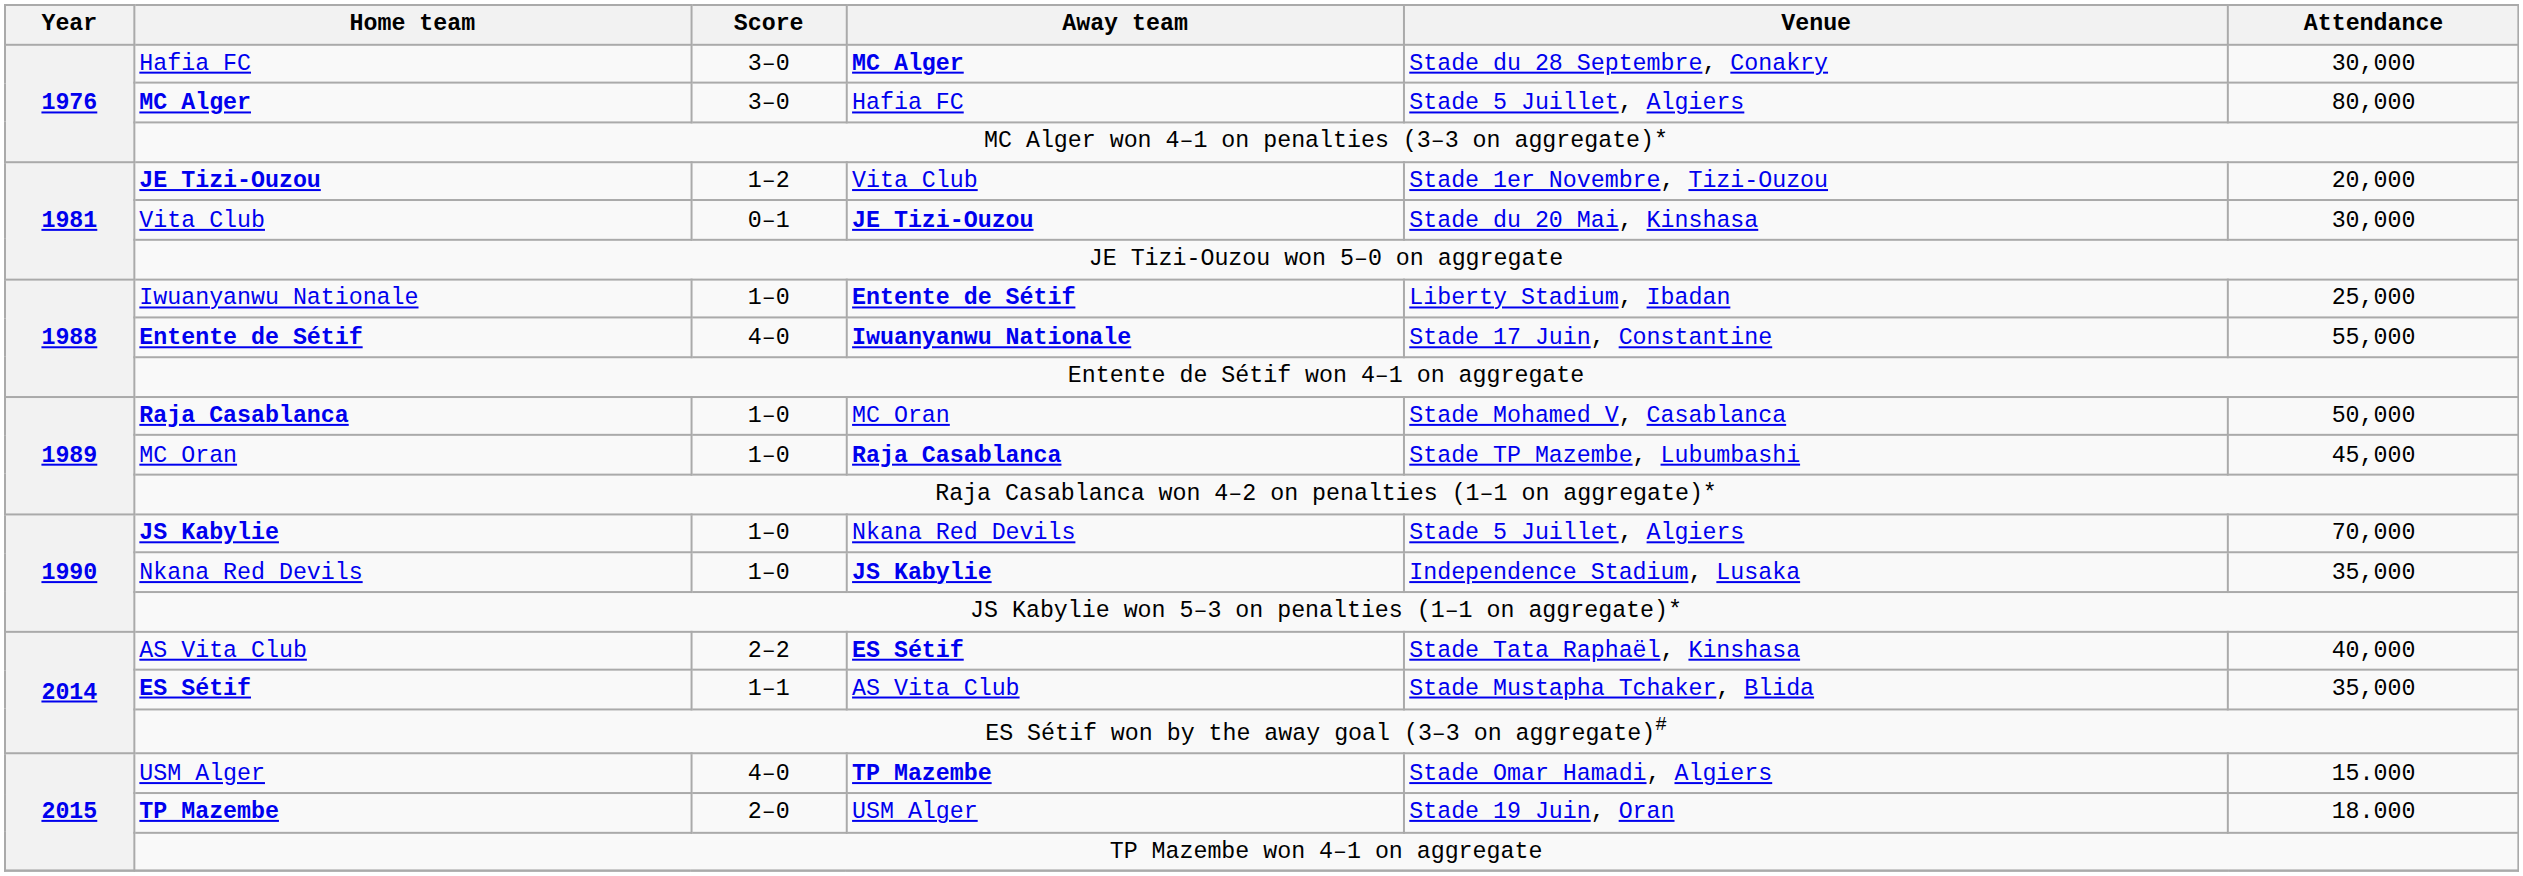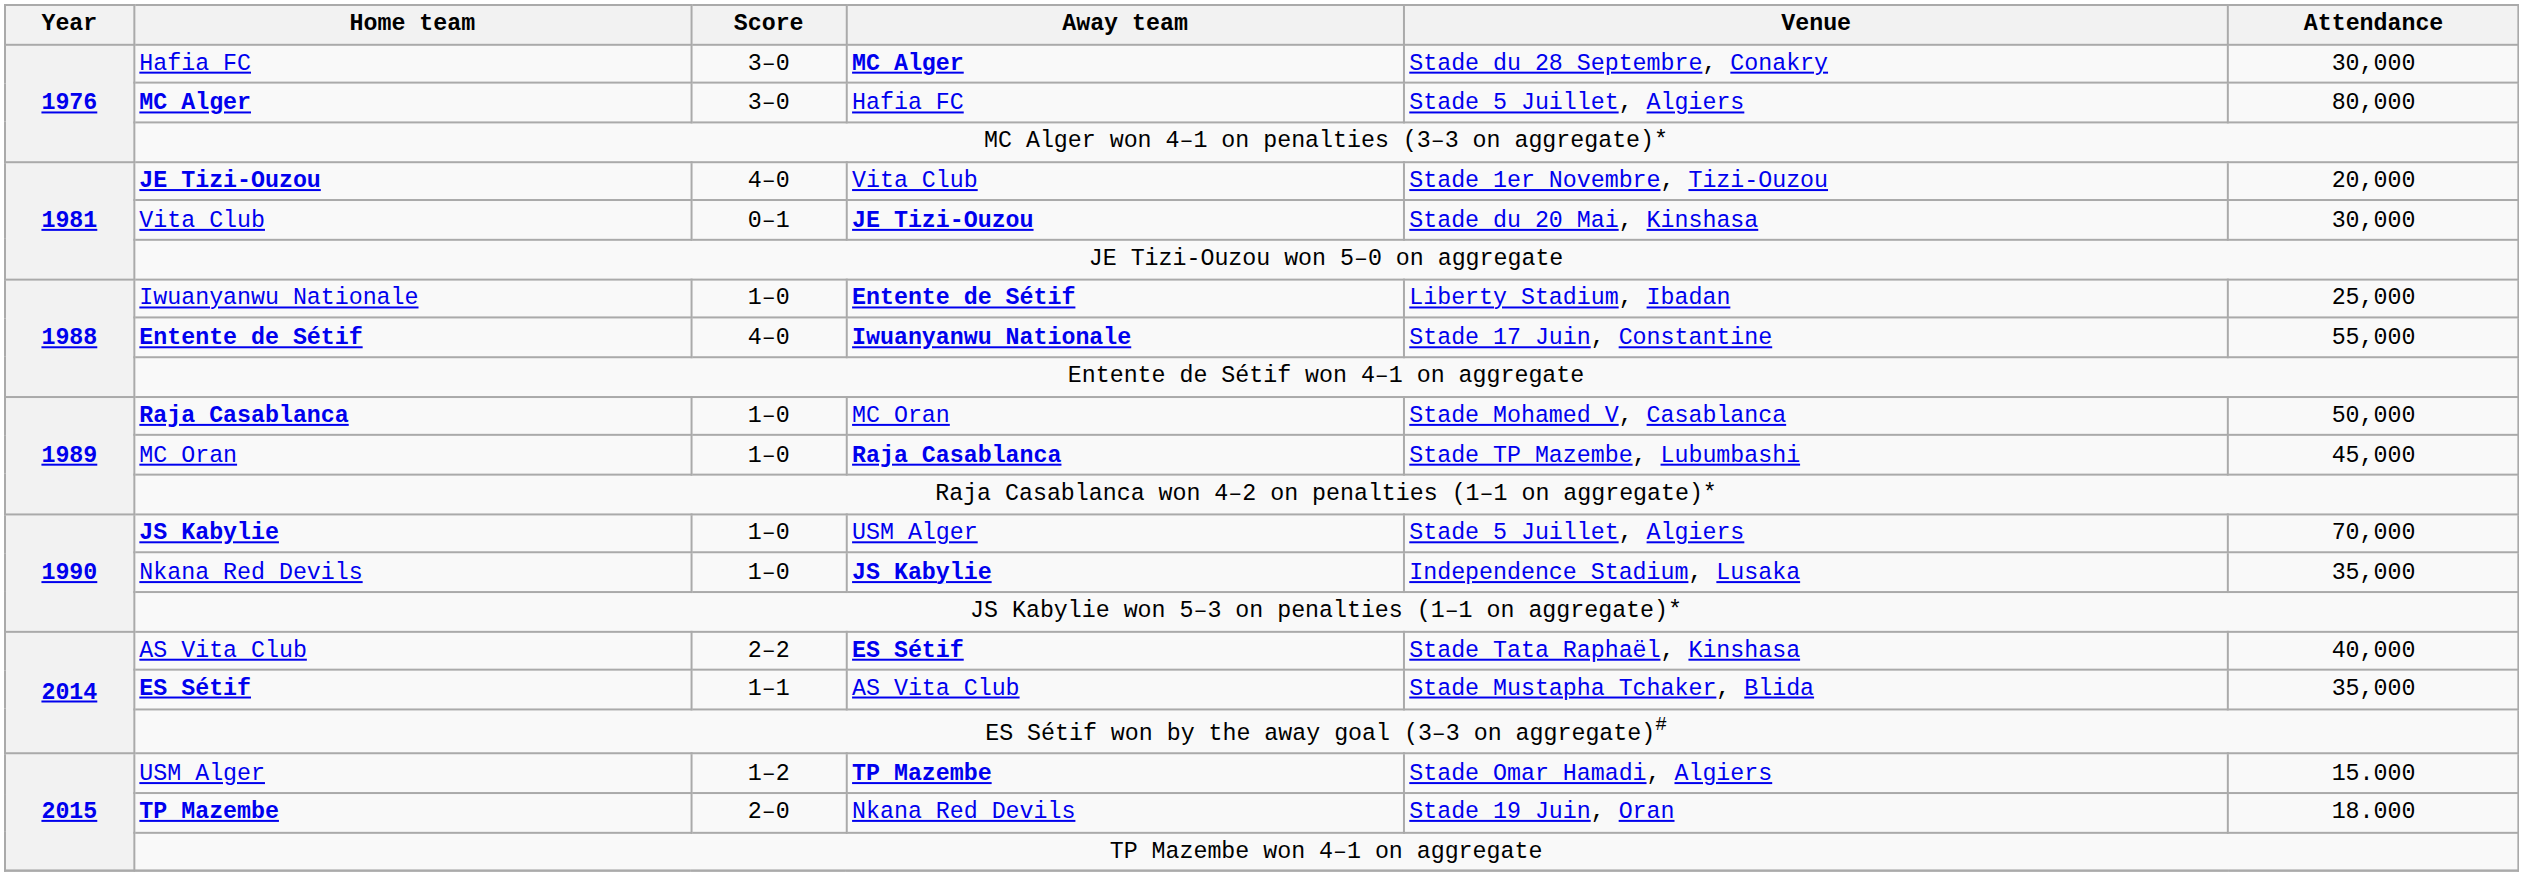 <table class="wikitable" width="100%" style="font-size:90%;">
 <tr>
 <th>Year</th>
 <th>Home team</th>
 <th>Score</th>
 <th>Away team</th>
 <th>Venue</th>
 <th>Attendance</th>
 </tr>
 <tr>
 <th scope=row rowspan=3 style=text-align:center><a href='#'>1976</a></th>
 <td> <a href='#'>Hafia FC</a></td>
 <td align=center>3–0</td>
 <td> <strong><a href='#'>MC Alger</a></strong></td>
 <td><a href='#'>Stade du 28 Septembre</a>, <a href='#'>Conakry</a></td>
 <td align=center>30,000</td>
 </tr>
 <tr>
 <td> <strong><a href='#'>MC Alger</a></strong></td>
 <td align=center>3–0</td>
 <td> <a href='#'>Hafia FC</a></td>
 <td><a href='#'>Stade 5 Juillet</a>, <a href='#'>Algiers</a></td>
 <td align=center>80,000</td>
 </tr>
 <tr>
 <td colspan=7 align=center>MC Alger won 4–1 on penalties (3–3 on aggregate)*</td>
 </tr>
 <tr>
 <th scope=row rowspan=3 style=text-align:center><a href='#'>1981</a></th>
 <td> <strong><a href='#'>JE Tizi-Ouzou</a></strong></td>
-<td align=center>1–2</td>
+<td align=center>4–0</td>
 <td> <a href='#'>Vita Club</a></td>
 <td><a href='#'>Stade 1er Novembre</a>, <a href='#'>Tizi-Ouzou</a></td>
 <td align=center>20,000</td>
 </tr>
 <tr>
 <td> <a href='#'>Vita Club</a></td>
 <td align=center>0–1</td>
 <td> <strong><a href='#'>JE Tizi-Ouzou</a></strong></td>
 <td><a href='#'>Stade du 20 Mai</a>, <a href='#'>Kinshasa</a></td>
 <td align=center>30,000</td>
 </tr>
 <tr>
 <td colspan=7 align=center>JE Tizi-Ouzou won 5–0 on aggregate</td>
 </tr>
 <tr>
 <th scope=row rowspan=3 style=text-align:center><a href='#'>1988</a></th>
 <td> <a href='#'>Iwuanyanwu Nationale</a></td>
 <td align=center>1–0</td>
 <td> <strong><a href='#'>Entente de Sétif</a></strong></td>
 <td><a href='#'>Liberty Stadium</a>, <a href='#'>Ibadan</a></td>
 <td align=center>25,000</td>
 </tr>
 <tr>
 <td> <strong><a href='#'>Entente de Sétif</a></strong></td>
 <td align=center>4–0</td>
 <td><strong> <a href='#'>Iwuanyanwu Nationale</a></strong></td>
 <td><a href='#'>Stade 17 Juin</a>, <a href='#'>Constantine</a></td>
 <td align=center>55,000</td>
 </tr>
 <tr>
 <td colspan=7 align=center>Entente de Sétif won 4–1 on aggregate</td>
 </tr>
 <tr>
 <th scope=row rowspan=3 style=text-align:center><a href='#'>1989</a></th>
 <td> <strong><a href='#'>Raja Casablanca</a></strong></td>
 <td align=center>1–0</td>
 <td> <a href='#'>MC Oran</a></td>
 <td><a href='#'>Stade Mohamed V</a>, <a href='#'>Casablanca</a></td>
 <td align=center>50,000</td>
 </tr>
 <tr>
 <td> <a href='#'>MC Oran</a></td>
 <td align=center>1–0</td>
 <td> <strong><a href='#'>Raja Casablanca</a></strong></td>
 <td><a href='#'>Stade TP Mazembe</a>, <a href='#'>Lubumbashi</a></td>
 <td align=center>45,000</td>
 </tr>
 <tr>
 <td colspan=7 align=center>Raja Casablanca won 4–2 on penalties (1–1 on aggregate)*</td>
 </tr>
 <tr>
 <th scope=row rowspan=3 style=text-align:center><a href='#'>1990</a></th>
 <td> <strong><a href='#'>JS Kabylie</a></strong></td>
 <td align=center>1–0</td>
-<td> <a href='#'>Nkana Red Devils</a></td>
+<td> <a href='#'>USM Alger</a></td>
 <td><a href='#'>Stade 5 Juillet</a>, <a href='#'>Algiers</a></td>
 <td align=center>70,000</td>
 </tr>
 <tr>
 <td> <a href='#'>Nkana Red Devils</a></td>
 <td align=center>1–0</td>
 <td> <strong><a href='#'>JS Kabylie</a></strong></td>
 <td><a href='#'>Independence Stadium</a>, <a href='#'>Lusaka</a></td>
 <td align=center>35,000</td>
 </tr>
 <tr>
 <td colspan=7 align=center>JS Kabylie won 5–3 on penalties (1–1 on aggregate)*</td>
 </tr>
 <tr>
 <th scope=row rowspan=3 style=text-align:center><a href='#'>2014</a></th>
 <td> <a href='#'>AS Vita Club</a></td>
 <td align=center>2–2</td>
 <td> <strong><a href='#'>ES Sétif</a></strong></td>
 <td><a href='#'>Stade Tata Raphaël</a>, <a href='#'>Kinshasa</a></td>
 <td align=center>40,000</td>
 </tr>
 <tr>
 <td> <strong><a href='#'>ES Sétif</a></strong></td>
 <td align=center>1–1</td>
 <td> <a href='#'>AS Vita Club</a></td>
 <td><a href='#'>Stade Mustapha Tchaker</a>, <a href='#'>Blida</a></td>
 <td align=center>35,000</td>
 </tr>
 <tr>
 <td colspan=7 align=center>ES Sétif won by the away goal (3–3 on aggregate)<sup>#</sup></td>
 </tr>
 <tr>
 <th scope=row rowspan=3 style=text-align:center><a href='#'>2015</a></th>
 <td> <a href='#'>USM Alger</a></td>
-<td align=center>4–0</td>
+<td align=center>1–2</td>
 <td> <strong><a href='#'>TP Mazembe</a></strong></td>
 <td><a href='#'>Stade Omar Hamadi</a>, <a href='#'>Algiers</a></td>
 <td align=center>15.000</td>
 </tr>
 <tr>
 <td> <strong><a href='#'>TP Mazembe</a></strong></td>
 <td align=center>2–0</td>
-<td> <a href='#'>USM Alger</a></td>
+<td> <a href='#'>Nkana Red Devils</a></td>
 <td><a href='#'>Stade 19 Juin</a>, <a href='#'>Oran</a></td>
 <td align=center>18.000</td>
 </tr>
 <tr>
 <td colspan=7 align=center>TP Mazembe won 4–1 on aggregate</td>
 </tr>
 <tr>
 </tr>
 </table>
